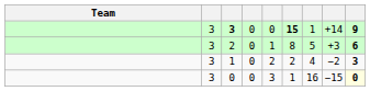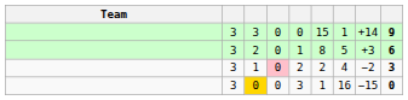 <table class=wikitable style="text-align:center">
 <tr>
 <th width=250>Team</th>
 <th width="20"></th>
 <th width="20"></th>
 <th width="20"></th>
 <th width="20"></th>
 <th width="20"></th>
 <th width="20"></th>
 <th width="20"></th>
 <th width="20"></th>
 </tr>
 <tr bgcolor=ccffcc>
 <td align="left"></td>
 <td>3</td>
-<td><strong>3</strong></td>
+<td>3</td>
 <td>0</td>
 <td>0</td>
-<td><strong>15</strong></td>
+<td>15</td>
 <td>1</td>
 <td>+14</td>
 <td><strong>9</strong></td>
 </tr>
 <tr bgcolor=ccffcc>
 <td align="left"></td>
 <td>3</td>
 <td>2</td>
 <td>0</td>
 <td>1</td>
 <td>8</td>
 <td>5</td>
 <td>+3</td>
 <td><strong>6</strong></td>
 </tr>
 <tr>
 <td align="left"></td>
 <td>3</td>
 <td>1</td>
-<td>0</td>
+<td style="background: pink;">0</td>
 <td>2</td>
 <td>2</td>
 <td>4</td>
 <td>−2</td>
 <td><strong>3</strong></td>
 </tr>
 <tr>
 <td align="left"></td>
 <td>3</td>
-<td>0</td>
+<td style="background: gold;">0</td>
 <td>0</td>
 <td>3</td>
 <td>1</td>
 <td>16</td>
 <td>−15</td>
-<td style="background: lightyellow;"><strong>0</strong></td>
+<td><strong>0</strong></td>
 </tr>
 </table>
